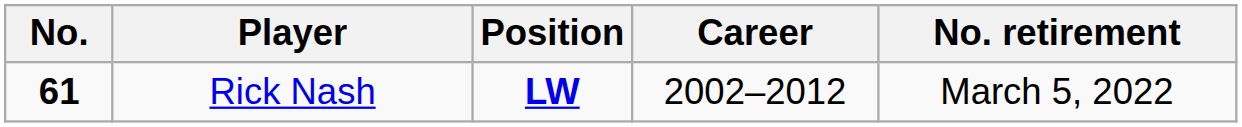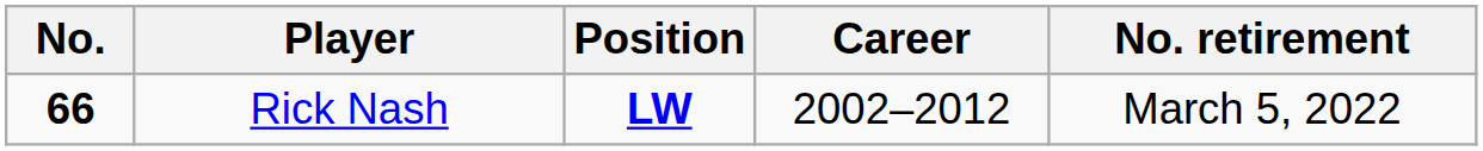 <table class="wikitable" style="text-align:center">
 <tr>
 <th style="width:40px;">No.</th>
 <th style="width:150px;">Player</th>
 <th style="width:40px;">Position</th>
 <th style="width:100px;">Career</th>
 <th style="width:150px;">No. retirement</th>
 </tr>
 <tr>
-<td><strong>61</strong></td>
+<td><strong>66</strong></td>
 <td><a href='#'>Rick Nash</a></td>
 <td><strong><a href='#'>LW</a></strong></td>
 <td>2002–2012</td>
 <td>March 5, 2022</td>
 </tr>
 </table>
